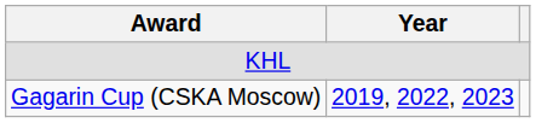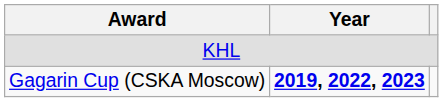 <table class="wikitable">
 <tr>
 <th>Award</th>
 <th>Year</th>
 <th></th>
 </tr>
 <tr ALIGN="center" bgcolor="#e0e0e0">
 <td colspan="3"><a href='#'>KHL</a></td>
 </tr>
 <tr>
 <td><a href='#'>Gagarin Cup</a> (CSKA Moscow)</td>
-<td><a href='#'>2019</a>, <a href='#'>2022</a>, <a href='#'>2023</a></td>
+<td><strong><a href='#'>2019</a>, <a href='#'>2022</a>, <a href='#'>2023</a></strong></td>
 <td></td>
 </tr>
 </table>
